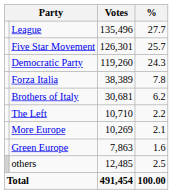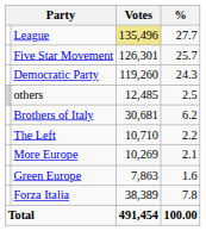 <table class="wikitable" style="font-size:95%">
 <tr>
 <th colspan=2>Party</th>
 <th>Votes</th>
 <th>%</th>
 </tr>
 <tr>
 <td></td>
 <td><a href='#'>League</a></td>
-<td align=right>135,496</td>
+<td align=right style="background: khaki;">135,496</td>
 <td align=right>27.7</td>
 </tr>
 <tr>
 <td></td>
 <td><a href='#'>Five Star Movement</a></td>
 <td align=right>126,301</td>
 <td align=right>25.7</td>
 </tr>
 <tr>
 <td></td>
 <td><a href='#'>Democratic Party</a></td>
 <td align=right>119,260</td>
 <td align=right>24.3</td>
 </tr>
 <tr>
-<td></td>
-<td><a href='#'>Forza Italia</a></td>
-<td align=right>38,389</td>
-<td align=right>7.8</td>
+<td style="background-color: lightgrey"></td>
+<td>others</td>
+<td align=right>12,485</td>
+<td align=right>2.5</td>
 </tr>
 <tr>
 <td></td>
 <td><a href='#'>Brothers of Italy</a></td>
 <td align=right>30,681</td>
 <td align=right>6.2</td>
 </tr>
 <tr>
 <td></td>
 <td><a href='#'>The Left</a></td>
 <td align=right>10,710</td>
 <td align=right>2.2</td>
 </tr>
 <tr>
 <td></td>
 <td><a href='#'>More Europe</a></td>
 <td align=right>10,269</td>
 <td align=right>2.1</td>
 </tr>
 <tr>
 <td></td>
 <td><a href='#'>Green Europe</a></td>
 <td align=right>7,863</td>
 <td align=right>1.6</td>
 </tr>
 <tr>
-<td style="background-color: lightgrey"></td>
-<td>others</td>
-<td align=right>12,485</td>
-<td align=right>2.5</td>
+<td></td>
+<td><a href='#'>Forza Italia</a></td>
+<td align=right>38,389</td>
+<td align=right>7.8</td>
 </tr>
 <tr>
 <td colspan=2><strong>Total</strong></td>
 <td align=right><strong>491,454</strong></td>
 <td align=right><strong>100.00</strong></td>
 </tr>
 </table>
